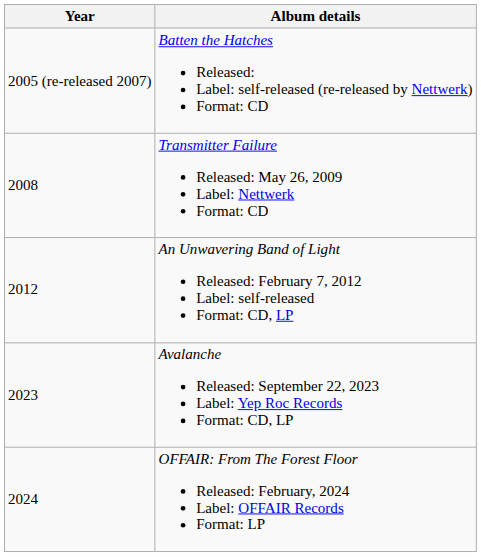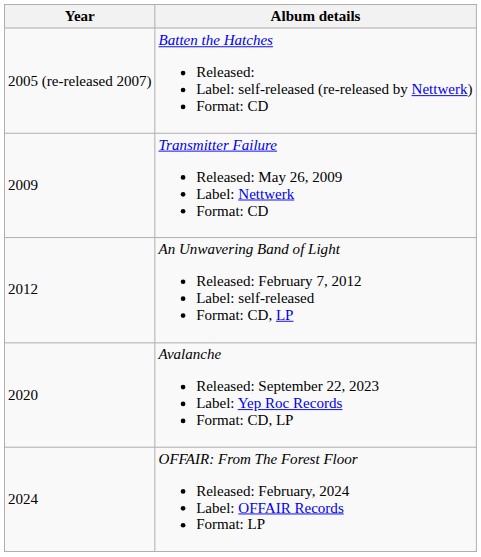 <table class="wikitable">
 <tr>
 <th>Year</th>
 <th>Album details</th>
 </tr>
 <tr>
 <td>2005 (re-released 2007)</td>
 <td><em><a href='#'>Batten the Hatches</a></em><br><ul><li>Released:</li><li>Label: self-released (re-released by <a href='#'>Nettwerk</a>)</li><li>Format: CD</li></ul></td>
 </tr>
 <tr>
-<td>2008</td>
+<td>2009</td>
 <td><em><a href='#'>Transmitter Failure</a></em><br><ul><li>Released: May 26, 2009</li><li>Label: <a href='#'>Nettwerk</a></li><li>Format: CD</li></ul></td>
 </tr>
 <tr>
 <td>2012</td>
 <td><em>An Unwavering Band of Light</em><br><ul><li>Released: February 7, 2012</li><li>Label: self-released</li><li>Format: CD, <a href='#'>LP</a></li></ul></td>
 </tr>
 <tr>
-<td>2023</td>
+<td>2020</td>
 <td><em>Avalanche</em><br><ul><li>Released: September 22, 2023</li><li>Label: <a href='#'>Yep Roc Records</a></li><li>Format: CD, LP</li></ul></td>
 </tr>
 <tr>
 <td>2024</td>
 <td><em>OFFAIR: From The Forest Floor</em><br><ul><li>Released: February, 2024</li><li>Label: <a href='#'>OFFAIR Records</a></li><li>Format: LP</li></ul></td>
 </tr>
 </table>
